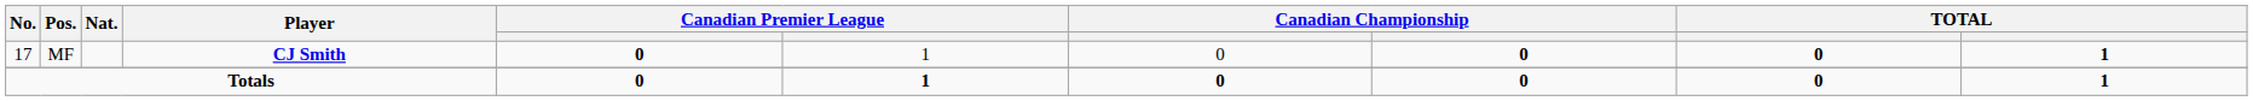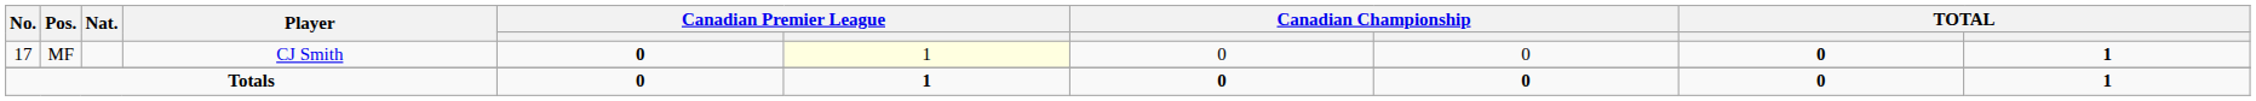 <table class="wikitable sortable alternance"  style="font-size:85%; text-align:center; line-height:14px; width:85%;">
 <tr>
 <th rowspan="2" width=10><strong>No.</strong></th>
 <th rowspan="2" width=10><strong>Pos.</strong></th>
 <th rowspan="2" width=10><strong>Nat.</strong></th>
 <th rowspan="2" scope="col" style="width:275px;"><strong>Player</strong></th>
 <th colspan="2" width=80><a href='#'>Canadian Premier League</a></th>
 <th colspan="2" width=80><a href='#'>Canadian Championship</a></th>
 <th colspan="2" width=80>TOTAL</th>
 </tr>
 <tr>
 <th></th>
 <th></th>
 <th></th>
 <th></th>
 <th></th>
 <th></th>
 </tr>
 <tr>
 <td>17</td>
 <td>MF</td>
 <td></td>
-<td><strong><a href='#'>CJ Smith</a></strong></td>
+<td><a href='#'>CJ Smith</a></td>
 <td><strong>0</strong></td>
-<td>1</td>
+<td style="background: lightyellow;">1</td>
 <td>0</td>
-<td><strong>0</strong></td>
+<td>0</td>
 <td><strong>0</strong></td>
 <td><strong>1</strong></td>
 </tr>
 <tr>
 </tr>
 <tr class="sortbottom">
 <td colspan="4"><strong>Totals</strong></td>
 <td><strong>0</strong></td>
 <td><strong>1</strong></td>
 <td><strong>0</strong></td>
 <td><strong>0</strong></td>
 <td><strong>0</strong></td>
 <td><strong>1</strong></td>
 </tr>
 </table>
